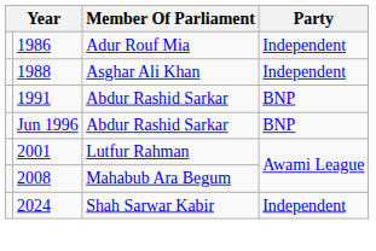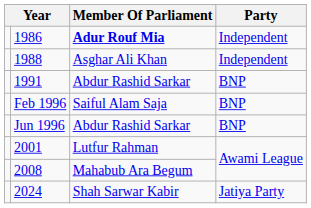 <table class="wikitable">
 <tr>
 <th colspan="2">Year</th>
 <th>Member Of Parliament</th>
 <th>Party</th>
 </tr>
 <tr>
 <td style="background-color:"></td>
 <td><a href='#'>1986</a></td>
-<td><a href='#'>Adur Rouf Mia</a></td>
+<td><strong><a href='#'>Adur Rouf Mia</a></strong></td>
 <td><a href='#'>Independent</a></td>
 </tr>
 <tr>
 <td style="background-color:"></td>
 <td><a href='#'>1988</a></td>
 <td><a href='#'>Asghar Ali Khan</a></td>
 <td><a href='#'>Independent</a></td>
 </tr>
 <tr>
 <td style="background-color:"></td>
 <td><a href='#'>1991</a></td>
 <td><a href='#'>Abdur Rashid Sarkar</a></td>
+<td><a href='#'>BNP</a></td>
+</tr>
+<tr>
+<td style="background-color:"></td>
+<td><a href='#'>Feb 1996</a></td>
+<td><a href='#'>Saiful Alam Saja</a></td>
 <td><a href='#'>BNP</a></td>
 </tr>
 <tr>
 <td style="background-color:"></td>
 <td><a href='#'>Jun 1996</a></td>
 <td><a href='#'>Abdur Rashid Sarkar</a></td>
 <td><a href='#'>BNP</a></td>
 </tr>
 <tr>
 <td style="background-color:"></td>
 <td><a href='#'>2001</a></td>
 <td><a href='#'>Lutfur Rahman</a></td>
 <td rowspan="2"><a href='#'>Awami League</a></td>
 </tr>
 <tr>
 <td style="background-color:"></td>
 <td><a href='#'>2008</a></td>
 <td><a href='#'>Mahabub Ara Begum</a></td>
 </tr>
 <tr>
 <td style="background-color:"></td>
 <td><a href='#'>2024</a></td>
 <td><a href='#'>Shah Sarwar Kabir</a></td>
-<td><a href='#'>Independent</a></td>
+<td><a href='#'>Jatiya Party</a></td>
 </tr>
 </table>
